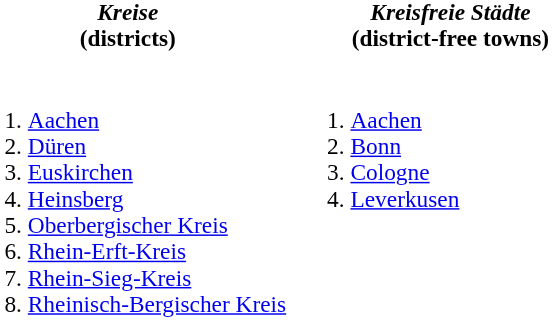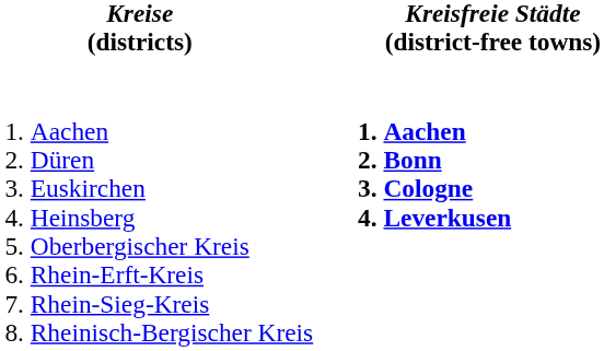 <table>
 <tr>
 <th width="50%"><em>Kreise</em><br>(districts)</th>
 <th width="50%"><em>Kreisfreie Städte</em><br>(district-free towns)</th>
 </tr>
 <tr>
 <td valign="top"><br><ol><li><a href='#'>Aachen</a></li><li><a href='#'>Düren</a></li><li><a href='#'>Euskirchen</a></li><li><a href='#'>Heinsberg</a></li><li><a href='#'>Oberbergischer Kreis</a></li><li><a href='#'>Rhein-Erft-Kreis</a></li><li><a href='#'>Rhein-Sieg-Kreis</a></li><li><a href='#'>Rheinisch-Bergischer Kreis</a></li></ol></td>
-<td valign="top"><br><ol><li><a href='#'>Aachen</a></li><li><a href='#'>Bonn</a></li><li><a href='#'>Cologne</a></li><li><a href='#'>Leverkusen</a></li></ol></td>
+<td valign="top"><strong><br><ol><li><a href='#'>Aachen</a></li><li><a href='#'>Bonn</a></li><li><a href='#'>Cologne</a></li><li><a href='#'>Leverkusen</a></li></ol></strong></td>
 </tr>
 </table>
